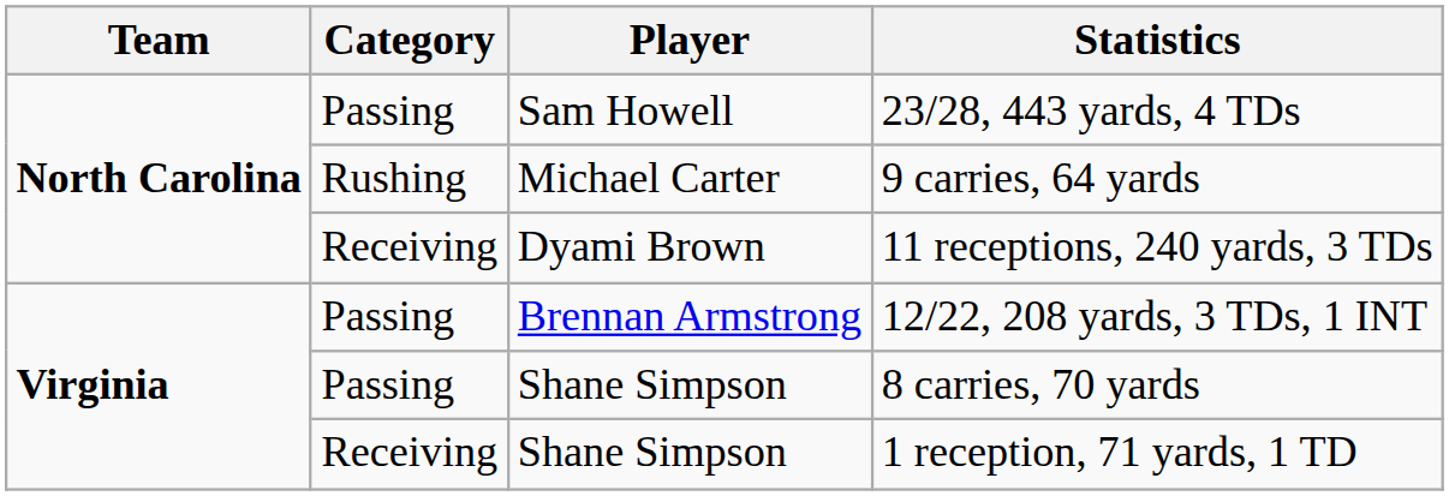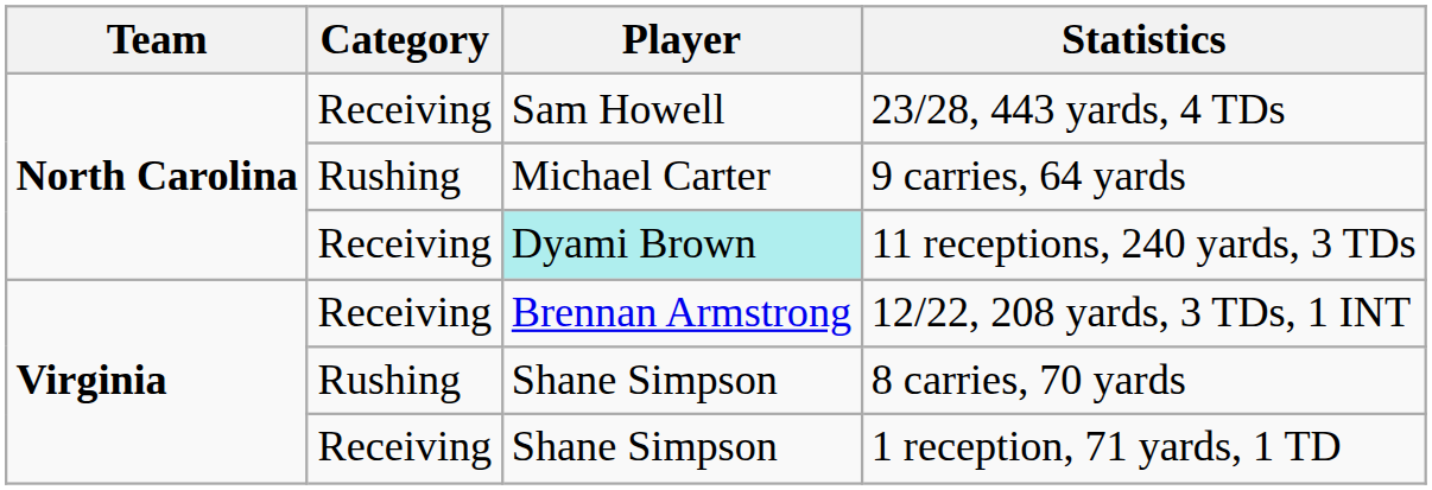 <table class="wikitable" style="float: left;">
 <tr>
 <th>Team</th>
 <th>Category</th>
 <th>Player</th>
 <th>Statistics</th>
 </tr>
 <tr>
 <td rowspan=3><strong>North Carolina</strong></td>
-<td>Passing</td>
+<td>Receiving</td>
 <td>Sam Howell</td>
 <td>23/28, 443 yards, 4 TDs</td>
 </tr>
 <tr>
 <td>Rushing</td>
 <td>Michael Carter</td>
 <td>9 carries, 64 yards</td>
 </tr>
 <tr>
 <td>Receiving</td>
-<td>Dyami Brown</td>
+<td style="background: paleturquoise;">Dyami Brown</td>
 <td>11 receptions, 240 yards, 3 TDs</td>
 </tr>
 <tr>
 <td rowspan=3><strong>Virginia</strong></td>
-<td>Passing</td>
+<td>Receiving</td>
 <td><a href='#'>Brennan Armstrong</a></td>
 <td>12/22, 208 yards, 3 TDs, 1 INT</td>
 </tr>
 <tr>
-<td>Passing</td>
+<td>Rushing</td>
 <td>Shane Simpson</td>
 <td>8 carries, 70 yards</td>
 </tr>
 <tr>
 <td>Receiving</td>
 <td>Shane Simpson</td>
 <td>1 reception, 71 yards, 1 TD</td>
 </tr>
 </table>
